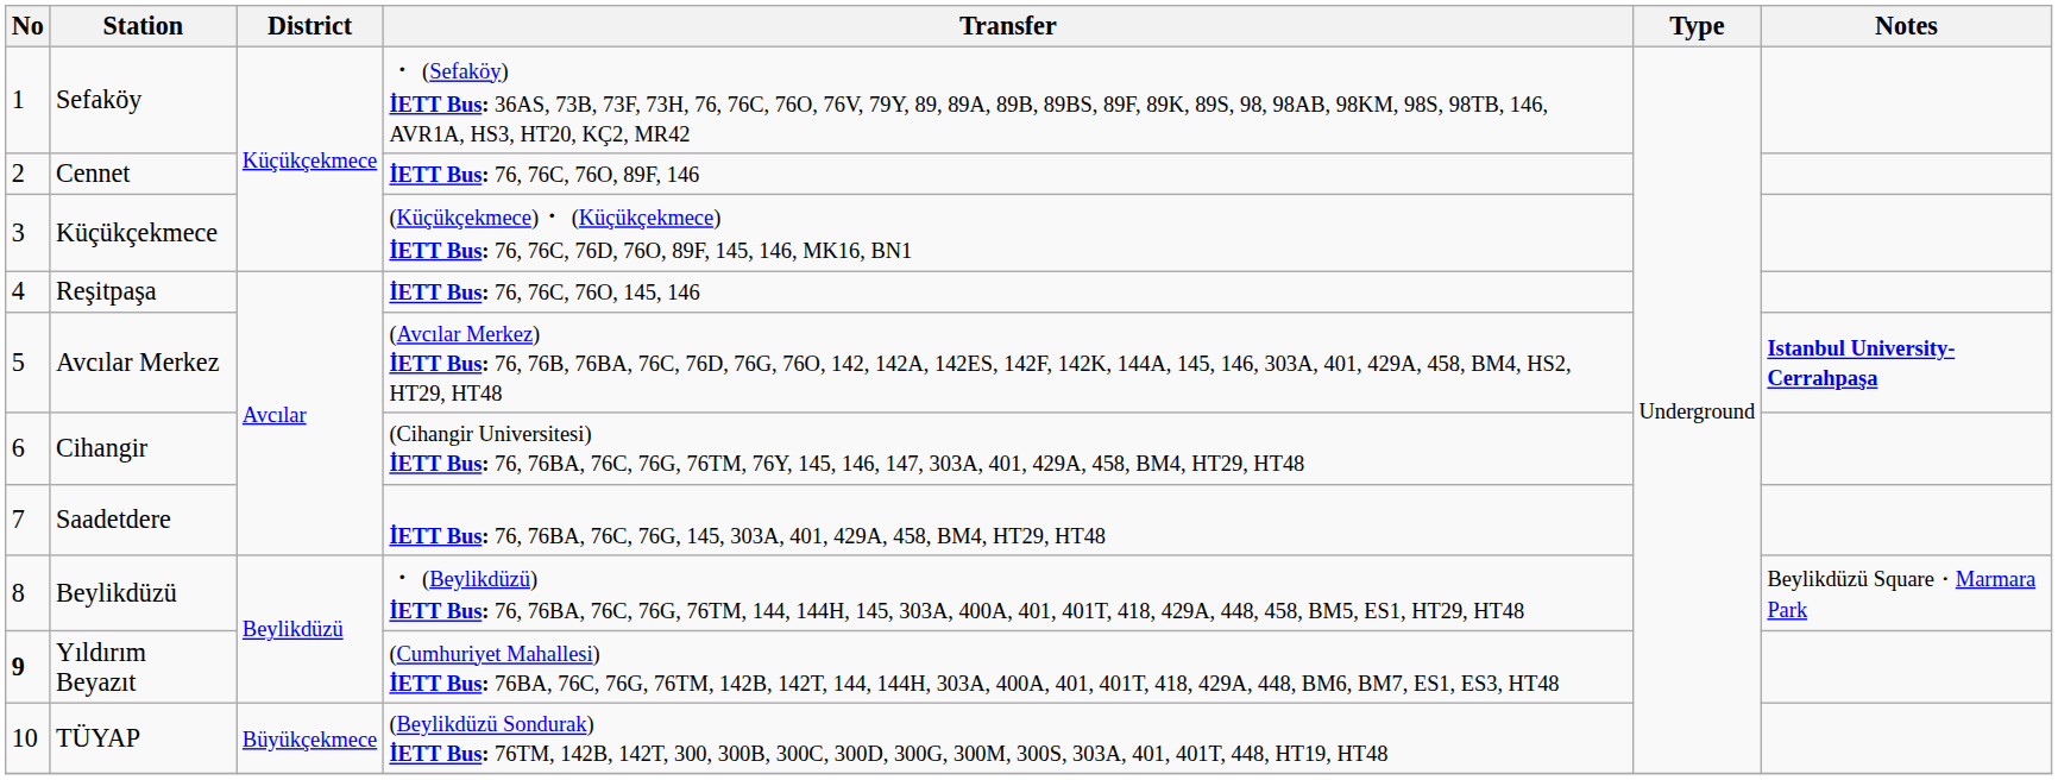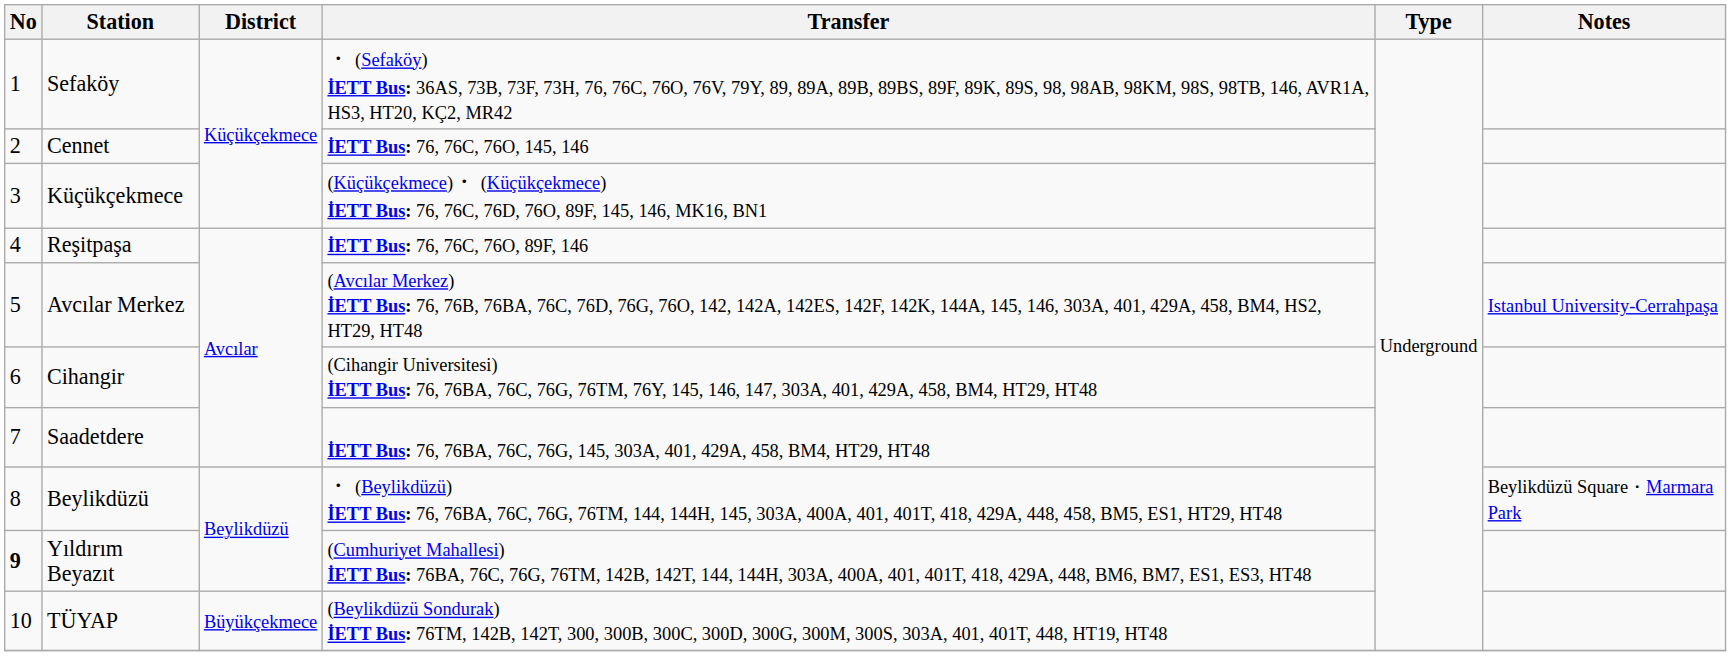 <table class="wikitable">
 <tr>
 <th>No</th>
 <th>Station</th>
 <th>District</th>
 <th>Transfer</th>
 <th>Type</th>
 <th>Notes</th>
 </tr>
 <tr>
 <td>1</td>
 <td>Sefaköy</td>
 <td rowspan="3"><small><a href='#'>Küçükçekmece</a></small></td>
 <td>・ <small>(<a href='#'>Sefaköy</a>)<br><strong><a href='#'>İETT Bus</a>:</strong> 36AS, 73B, 73F, 73H, 76, 76C, 76O, 76V, 79Y, 89, 89A, 89B, 89BS, 89F, 89K, 89S, 98, 98AB, 98KM, 98S, 98TB, 146, AVR1A, HS3, HT20, KÇ2, MR42</small></td>
 <td rowspan="10"><small>Underground</small></td>
 <td></td>
 </tr>
 <tr>
 <td>2</td>
 <td>Cennet</td>
-<td><small><strong><a href='#'>İETT Bus</a>:</strong> 76, 76C, 76O, 89F, 146</small></td>
+<td><small><strong><a href='#'>İETT Bus</a>:</strong> 76, 76C, 76O, 145, 146</small></td>
 <td></td>
 </tr>
 <tr>
 <td>3</td>
 <td>Küçükçekmece</td>
 <td>  <small>(<a href='#'>Küçükçekmece</a>)</small>・ <small>(<a href='#'>Küçükçekmece</a>)<br><strong><a href='#'>İETT Bus</a>:</strong> 76, 76C, 76D, 76O, 89F, 145, 146, MK16, BN1</small></td>
 <td></td>
 </tr>
 <tr>
 <td>4</td>
 <td>Reşitpaşa</td>
 <td rowspan="4"><small><a href='#'>Avcılar</a></small></td>
-<td><small><strong><a href='#'>İETT Bus</a>:</strong> 76, 76C, 76O, 145, 146</small></td>
+<td><small><strong><a href='#'>İETT Bus</a>:</strong> 76, 76C, 76O, 89F, 146</small></td>
 <td></td>
 </tr>
 <tr>
 <td>5</td>
 <td>Avcılar Merkez</td>
 <td> <small>(<a href='#'>Avcılar Merkez</a>)<br><strong><a href='#'>İETT Bus</a>:</strong> 76, 76B, 76BA, 76C, 76D, 76G, 76O, 142, 142A, 142ES, 142F, 142K, 144A, 145, 146, 303A, 401, 429A, 458, BM4, HS2, HT29, HT48</small></td>
-<td><strong><small><a href='#'>Istanbul University-Cerrahpaşa</a></small></strong></td>
+<td><small><a href='#'>Istanbul University-Cerrahpaşa</a></small></td>
 </tr>
 <tr>
 <td>6</td>
 <td>Cihangir</td>
 <td> <small>(Cihangir Universitesi)<br><strong><a href='#'>İETT Bus</a>:</strong> 76, 76BA, 76C, 76G, 76TM, 76Y, 145, 146, 147, 303A, 401, 429A, 458, BM4, HT29, HT48</small></td>
 <td></td>
 </tr>
 <tr>
 <td>7</td>
 <td>Saadetdere</td>
 <td><br><small><strong><a href='#'>İETT Bus</a>:</strong> 76, 76BA, 76C, 76G, 145, 303A, 401, 429A, 458, BM4, HT29, HT48</small></td>
 <td></td>
 </tr>
 <tr>
 <td>8</td>
 <td>Beylikdüzü</td>
 <td rowspan="2"><small><a href='#'>Beylikdüzü</a></small></td>
 <td>・ <small>(<a href='#'>Beylikdüzü</a>)<br><strong><a href='#'>İETT Bus</a>:</strong> 76, 76BA, 76C, 76G, 76TM, 144, 144H, 145, 303A, 400A, 401, 401T, 418, 429A, 448, 458, BM5, ES1, HT29, HT48</small></td>
 <td><small>Beylikdüzü Square・<a href='#'>Marmara Park</a></small></td>
 </tr>
 <tr>
 <td><strong>9</strong></td>
 <td>Yıldırım Beyazıt</td>
 <td> <small>(<a href='#'>Cumhuriyet Mahallesi</a>)<br><strong><a href='#'>İETT Bus</a>:</strong> 76BA, 76C, 76G, 76TM, 142B, 142T, 144, 144H, 303A, 400A, 401, 401T, 418, 429A, 448, BM6, BM7, ES1, ES3, HT48</small></td>
 <td></td>
 </tr>
 <tr>
 <td>10</td>
 <td>TÜYAP</td>
 <td><small><a href='#'>Büyükçekmece</a></small></td>
 <td> <small>(<a href='#'>Beylikdüzü Sondurak</a>)<br><strong><a href='#'>İETT Bus</a>:</strong> 76TM, 142B, 142T, 300, 300B, 300C, 300D, 300G, 300M, 300S, 303A, 401, 401T, 448, HT19, HT48</small></td>
 <td><small></small></td>
 </tr>
 <tr>
 </tr>
 </table>
